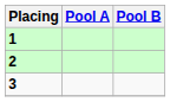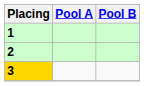 <table class=wikitable style="border:1px solid #AAAAAA;">
 <tr>
 <th>Placing</th>
 <th><a href='#'>Pool A</a></th>
 <th><a href='#'>Pool B</a></th>
 </tr>
 <tr style="background: #ccffcc;">
 <td><strong>1</strong></td>
 <td></td>
 <td></td>
 </tr>
 <tr style="background: #ccffcc;">
 <td><strong>2</strong></td>
 <td></td>
 <td></td>
 </tr>
 <tr>
-<td><strong>3</strong></td>
+<td style="background: gold;"><strong>3</strong></td>
 <td></td>
 <td></td>
 </tr>
 <tr>
 </tr>
 </table>
